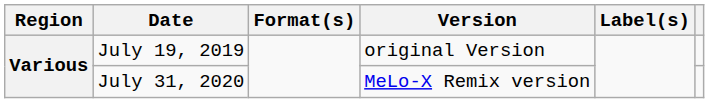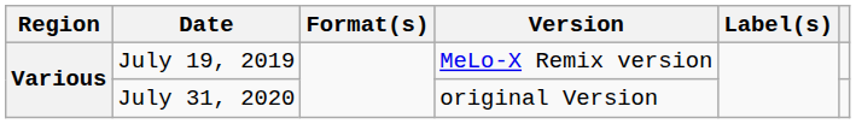 <table class="wikitable plainrowheaders">
 <tr>
 <th scope="col">Region</th>
 <th scope="col">Date</th>
 <th scope="col">Format(s)</th>
 <th scope="col">Version</th>
 <th scope="col">Label(s)</th>
 <th scope="col"></th>
 </tr>
 <tr>
 <th scope="row" rowspan="2">Various</th>
 <td>July 19, 2019</td>
 <td rowspan="2"></td>
-<td>original Version</td>
+<td><a href='#'>MeLo-X</a> Remix version</td>
 <td rowspan="2"></td>
 <td align="center"></td>
 </tr>
 <tr>
 <td>July 31, 2020</td>
-<td><a href='#'>MeLo-X</a> Remix version</td>
+<td>original Version</td>
 <td align="center"></td>
 </tr>
 </table>
